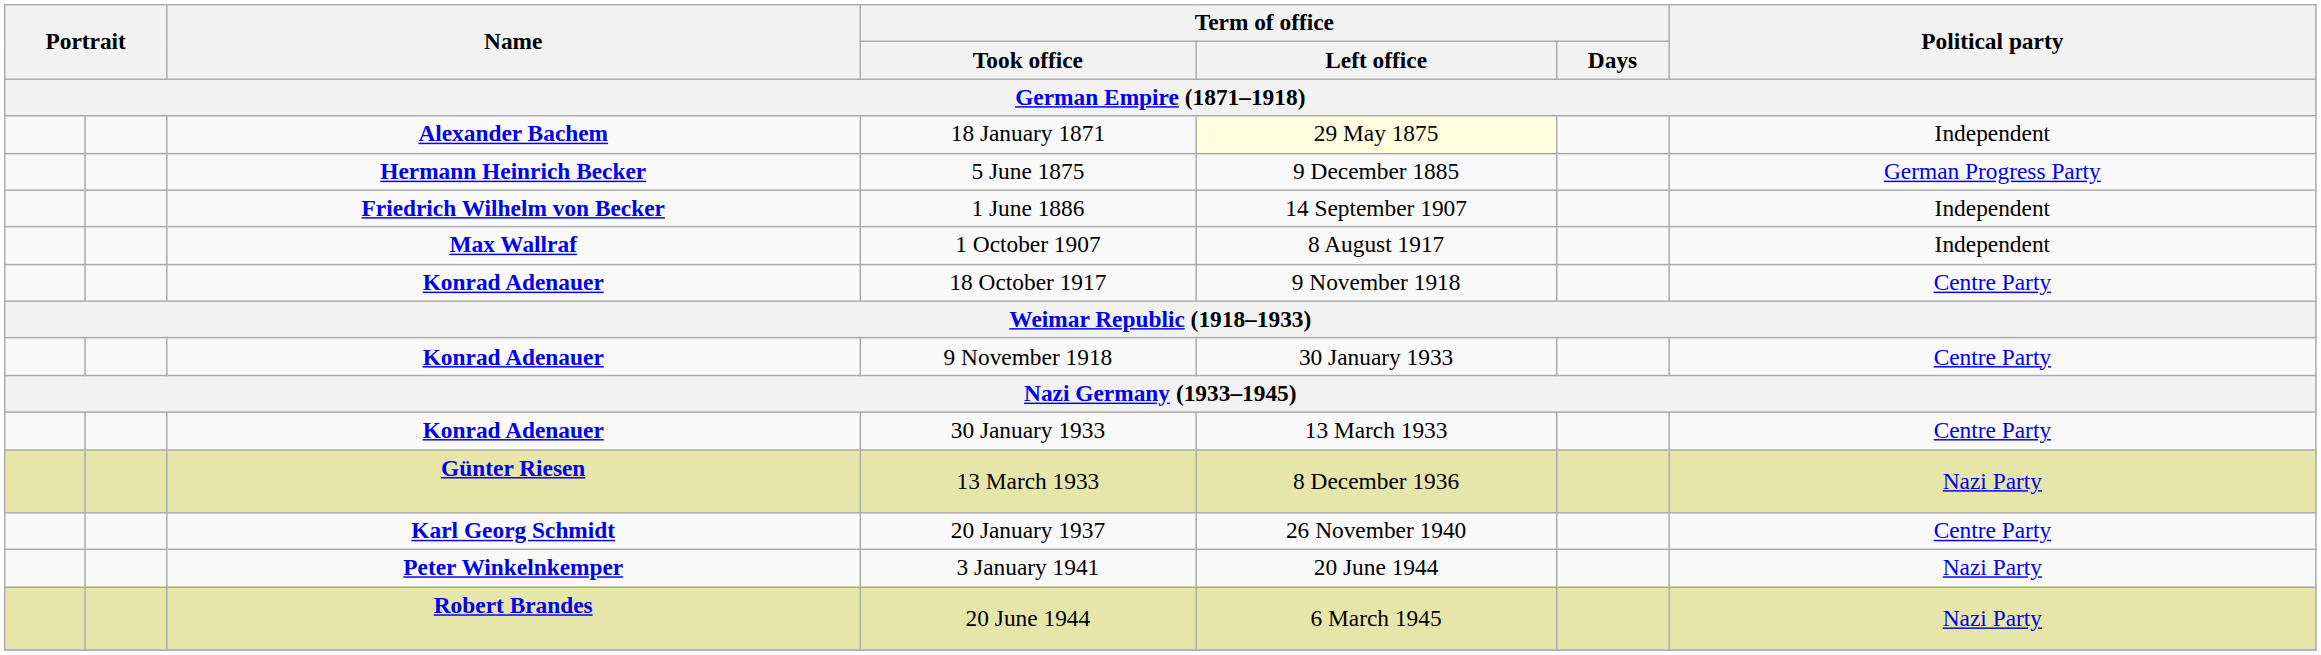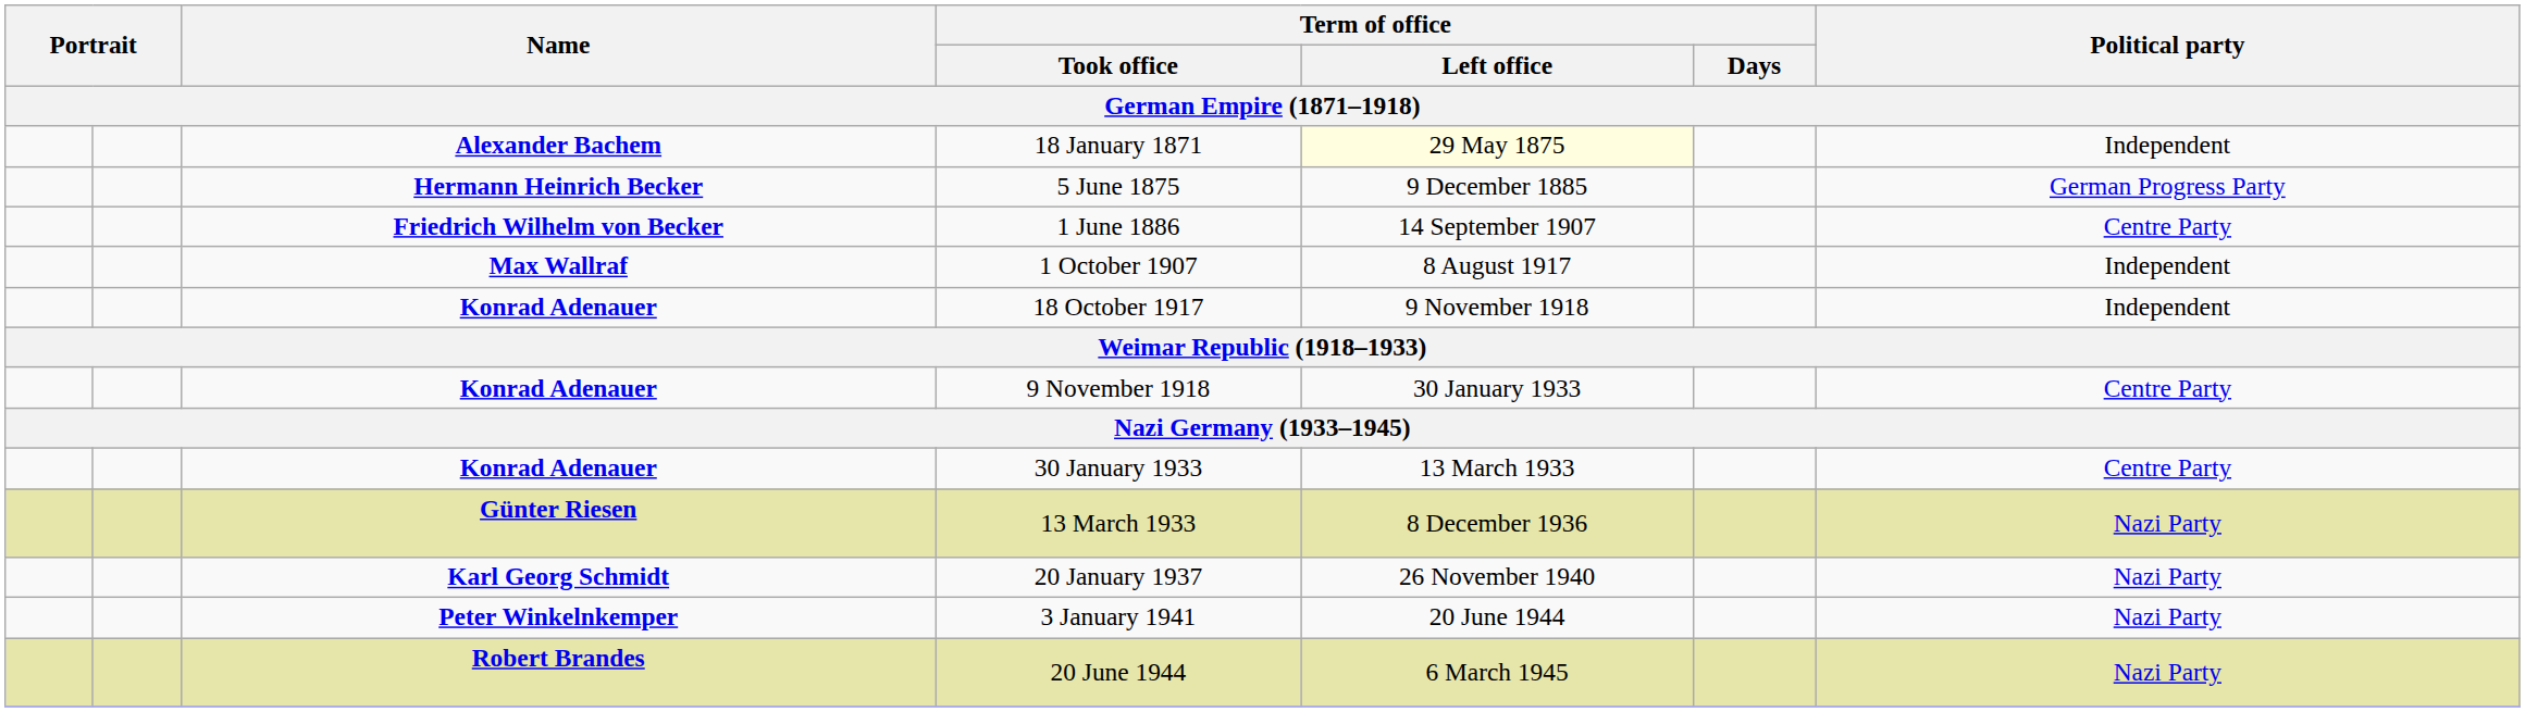 <table class="wikitable" style="text-align:center; width:100%; border:1px #AAAAFF solid">
 <tr>
 <th width=80px rowspan=2 colspan=2>Portrait</th>
 <th width=30% rowspan=2>Name<br></th>
 <th width=35% colspan=3>Term of office</th>
 <th width=28% rowspan=2>Political party</th>
 </tr>
 <tr>
 <th>Took office</th>
 <th>Left office</th>
 <th>Days</th>
 </tr>
 <tr>
 <th colspan="7"><a href='#'>German Empire</a> (1871–1918)</th>
 </tr>
 <tr>
 <td style="background:"></td>
 <td></td>
 <td><strong><a href='#'>Alexander Bachem</a></strong><br></td>
 <td>18 January 1871</td>
 <td style="background: lightyellow;">29 May 1875</td>
 <td></td>
 <td>Independent</td>
 </tr>
 <tr>
 <td style="background:"></td>
 <td></td>
 <td><strong><a href='#'>Hermann Heinrich Becker</a></strong><br></td>
 <td>5 June 1875</td>
 <td>9 December 1885</td>
 <td></td>
 <td><a href='#'>German Progress Party</a></td>
 </tr>
 <tr>
 <td style="background:"></td>
 <td></td>
 <td><strong><a href='#'>Friedrich Wilhelm von Becker</a></strong><br></td>
 <td>1 June 1886</td>
 <td>14 September 1907</td>
 <td></td>
-<td>Independent</td>
+<td><a href='#'>Centre Party</a></td>
 </tr>
 <tr>
 <td style="background:"></td>
 <td></td>
 <td><strong><a href='#'>Max Wallraf</a></strong><br></td>
 <td>1 October 1907</td>
 <td>8 August 1917</td>
 <td></td>
 <td>Independent</td>
 </tr>
 <tr>
 <td style="background:"></td>
 <td></td>
 <td><strong><a href='#'>Konrad Adenauer</a></strong><br></td>
 <td>18 October 1917</td>
 <td>9 November 1918</td>
 <td></td>
-<td><a href='#'>Centre Party</a></td>
+<td>Independent</td>
 </tr>
 <tr>
 <th colspan="7"><a href='#'>Weimar Republic</a> (1918–1933)</th>
 </tr>
 <tr>
 <td style="background:"></td>
 <td></td>
 <td><strong><a href='#'>Konrad Adenauer</a></strong><br></td>
 <td>9 November 1918</td>
 <td>30 January 1933</td>
 <td></td>
 <td><a href='#'>Centre Party</a></td>
 </tr>
 <tr>
 <th colspan="7"><a href='#'>Nazi Germany</a> (1933–1945)</th>
 </tr>
 <tr>
 <td style="background:"></td>
 <td></td>
 <td><strong><a href='#'>Konrad Adenauer</a></strong><br></td>
 <td>30 January 1933</td>
 <td>13 March 1933</td>
 <td></td>
 <td><a href='#'>Centre Party</a></td>
 </tr>
 <tr style="background-color: #E6E6AA" |>
 <td style="background:"></td>
 <td></td>
 <td><strong><a href='#'>Günter Riesen</a></strong><br><br></td>
 <td>13 March 1933</td>
 <td>8 December 1936</td>
 <td></td>
 <td><a href='#'>Nazi Party</a></td>
 </tr>
 <tr>
 <td style="background:"></td>
 <td></td>
 <td><strong><a href='#'>Karl Georg Schmidt</a></strong><br></td>
 <td>20 January 1937</td>
 <td>26 November 1940</td>
 <td></td>
-<td><a href='#'>Centre Party</a></td>
+<td><a href='#'>Nazi Party</a></td>
 </tr>
 <tr>
 <td style="background:"></td>
 <td></td>
 <td><strong><a href='#'>Peter Winkelnkemper</a></strong><br></td>
 <td>3 January 1941</td>
 <td>20 June 1944</td>
 <td></td>
 <td><a href='#'>Nazi Party</a></td>
 </tr>
 <tr style="background-color: #E6E6AA" |>
 <td style="background:"></td>
 <td></td>
 <td><strong><a href='#'>Robert Brandes</a></strong><br><br></td>
 <td>20 June 1944</td>
 <td>6 March 1945</td>
 <td></td>
 <td><a href='#'>Nazi Party</a></td>
 </tr>
 <tr>
 </tr>
 </table>
